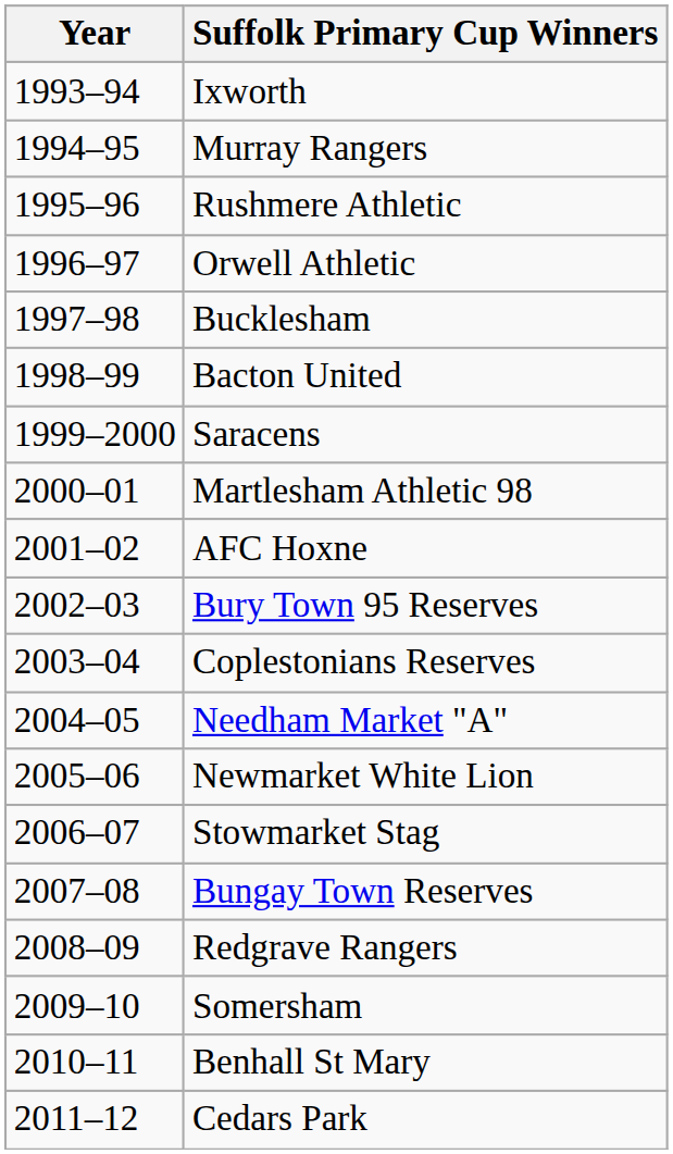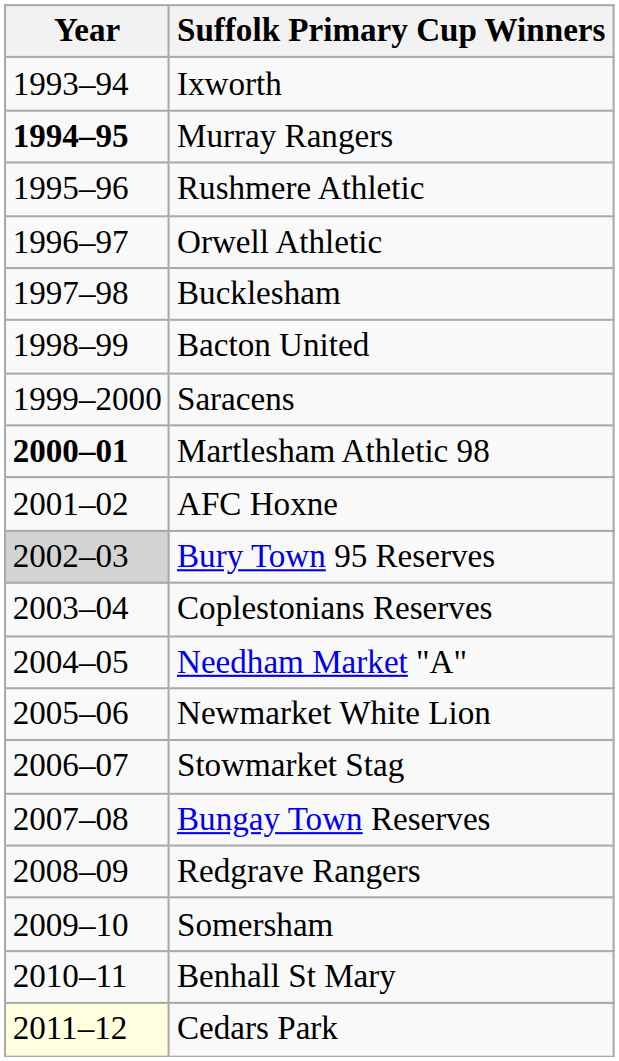 <table class="wikitable" style="float:left; margin-right:1em">
 <tr>
 <th>Year</th>
 <th>Suffolk Primary Cup Winners</th>
 </tr>
 <tr>
 <td>1993–94</td>
 <td>Ixworth</td>
 </tr>
 <tr>
-<td>1994–95</td>
+<td><strong>1994–95</strong></td>
 <td>Murray Rangers</td>
 </tr>
 <tr>
 <td>1995–96</td>
 <td>Rushmere Athletic</td>
 </tr>
 <tr>
 <td>1996–97</td>
 <td>Orwell Athletic</td>
 </tr>
 <tr>
 <td>1997–98</td>
 <td>Bucklesham</td>
 </tr>
 <tr>
 <td>1998–99</td>
 <td>Bacton United</td>
 </tr>
 <tr>
 <td>1999–2000</td>
 <td>Saracens</td>
 </tr>
 <tr>
-<td>2000–01</td>
+<td><strong>2000–01</strong></td>
 <td>Martlesham Athletic 98</td>
 </tr>
 <tr>
 <td>2001–02</td>
 <td>AFC Hoxne</td>
 </tr>
 <tr>
-<td>2002–03</td>
+<td style="background: lightgrey;">2002–03</td>
 <td><a href='#'>Bury Town</a> 95 Reserves</td>
 </tr>
 <tr>
 <td>2003–04</td>
 <td>Coplestonians Reserves</td>
 </tr>
 <tr>
 <td>2004–05</td>
 <td><a href='#'>Needham Market</a> "A"</td>
 </tr>
 <tr>
 <td>2005–06</td>
 <td>Newmarket White Lion</td>
 </tr>
 <tr>
 <td>2006–07</td>
 <td>Stowmarket Stag</td>
 </tr>
 <tr>
 <td>2007–08</td>
 <td><a href='#'>Bungay Town</a> Reserves</td>
 </tr>
 <tr>
 <td>2008–09</td>
 <td>Redgrave Rangers</td>
 </tr>
 <tr>
 <td>2009–10</td>
 <td>Somersham</td>
 </tr>
 <tr>
 <td>2010–11</td>
 <td>Benhall St Mary</td>
 </tr>
 <tr>
-<td>2011–12</td>
+<td style="background: lightyellow;">2011–12</td>
 <td>Cedars Park</td>
 </tr>
 </table>
